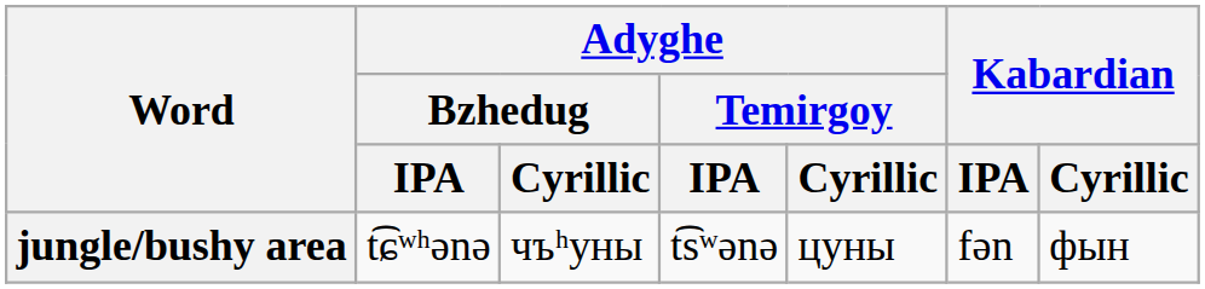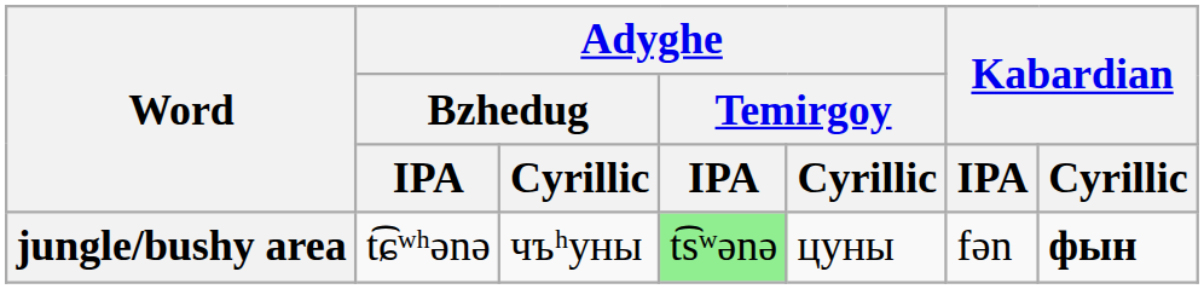 <table class="wikitable" border="1" text-align="right">
 <tr>
 <th rowspan="3">Word</th>
 <th colspan="4"><a href='#'>Adyghe</a></th>
 <th rowspan="2" colspan="2"><a href='#'>Kabardian</a></th>
 </tr>
 <tr>
 <th colspan="2">Bzhedug</th>
 <th colspan="2"><a href='#'>Temirgoy</a></th>
 </tr>
 <tr>
 <th>IPA</th>
 <th>Cyrillic</th>
 <th>IPA</th>
 <th>Cyrillic</th>
 <th>IPA</th>
 <th>Cyrillic</th>
 </tr>
 <tr>
 <th>jungle/bushy area</th>
 <td>t͡ɕʷʰənə</td>
 <td>чъʰуны</td>
-<td>t͡sʷənə</td>
+<td style="background: lightgreen;">t͡sʷənə</td>
 <td>цуны</td>
 <td>fən</td>
-<td>фын</td>
+<td><strong>фын</strong></td>
 </tr>
 </table>
